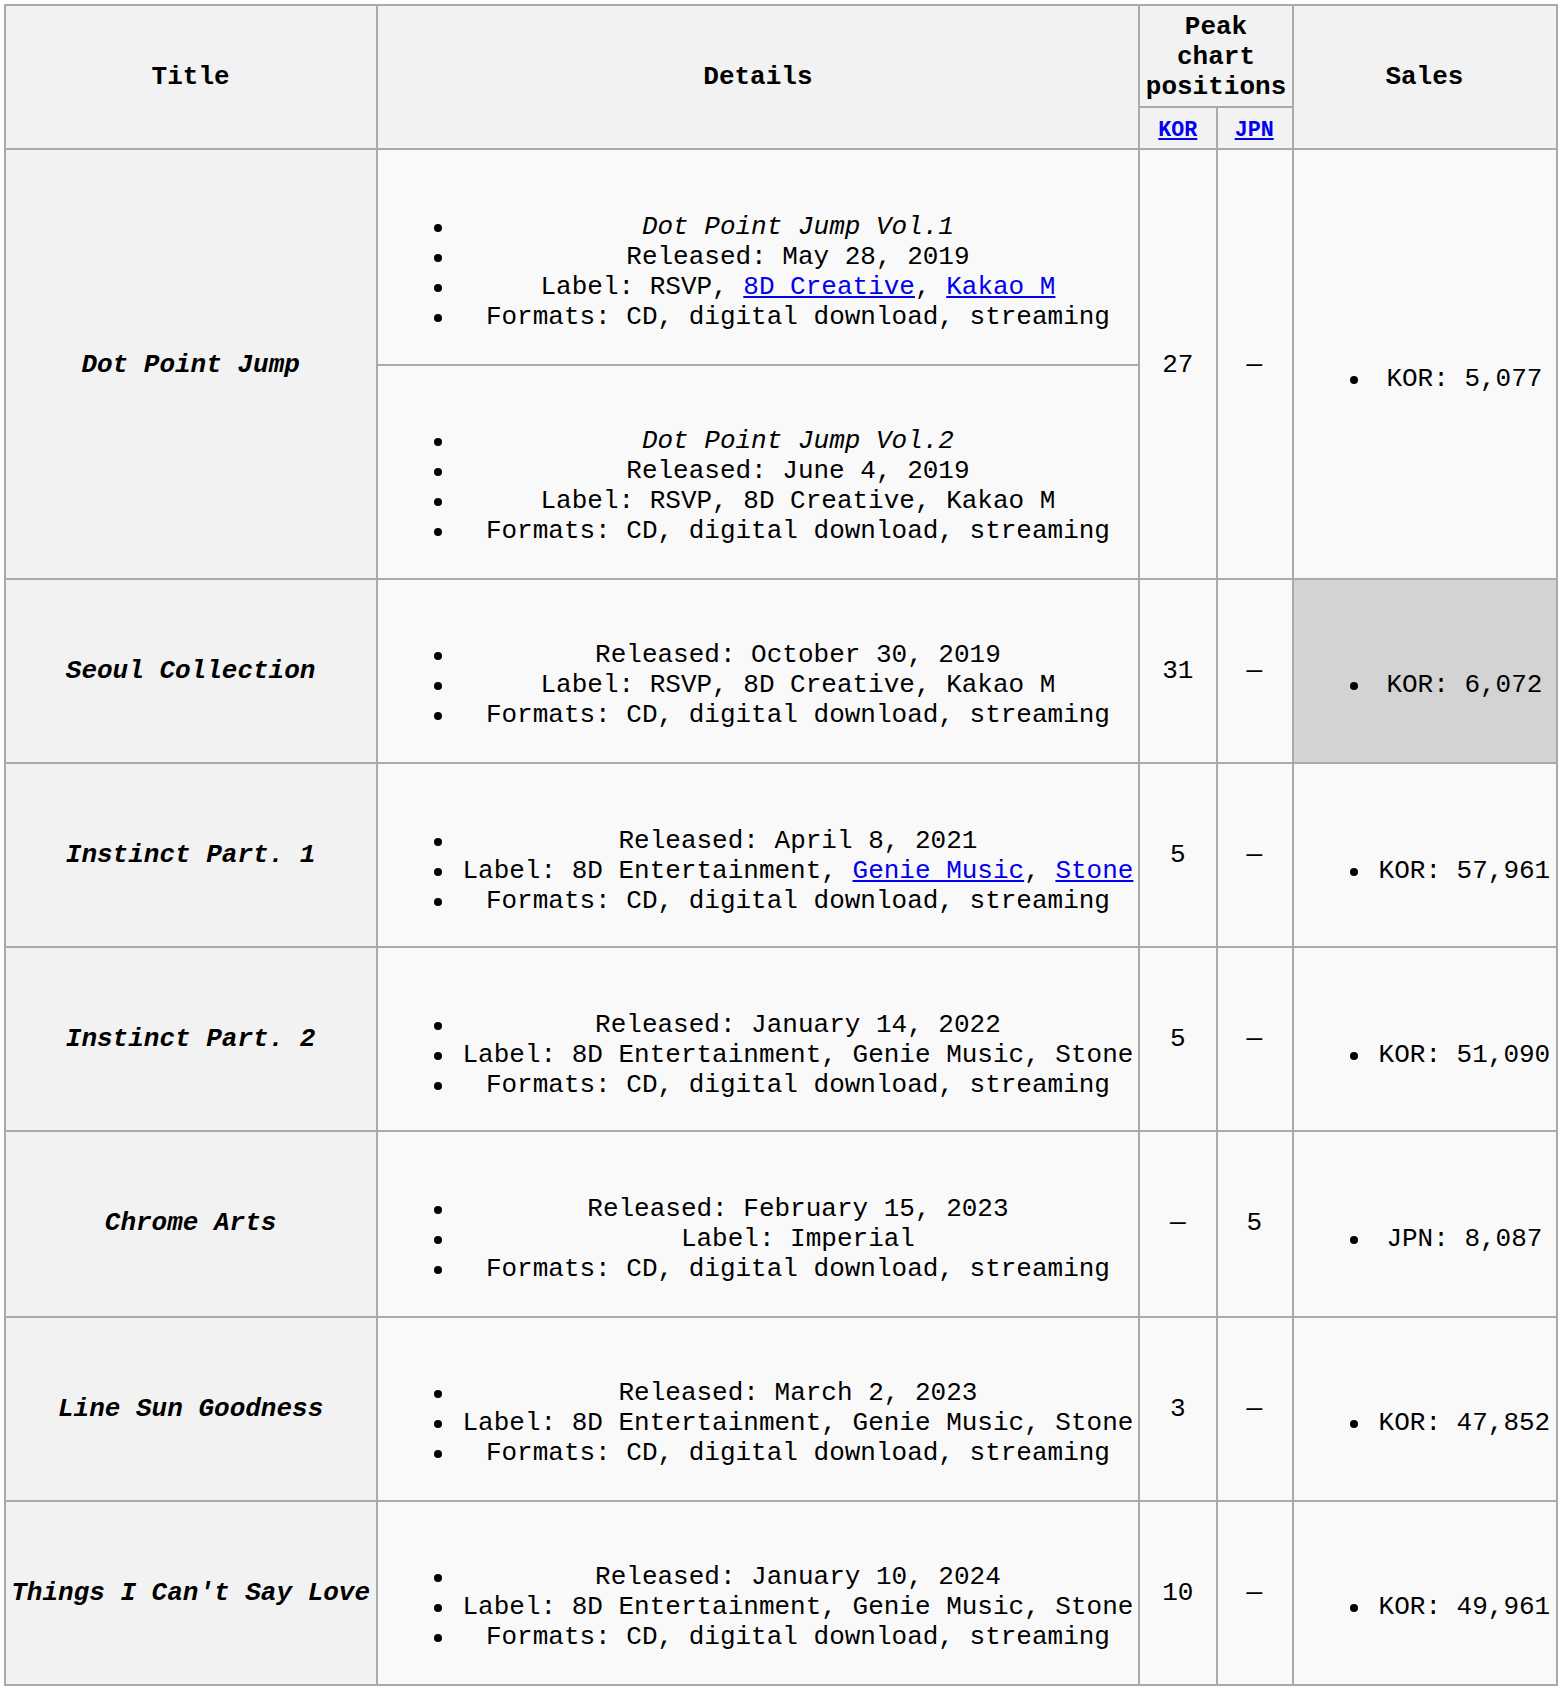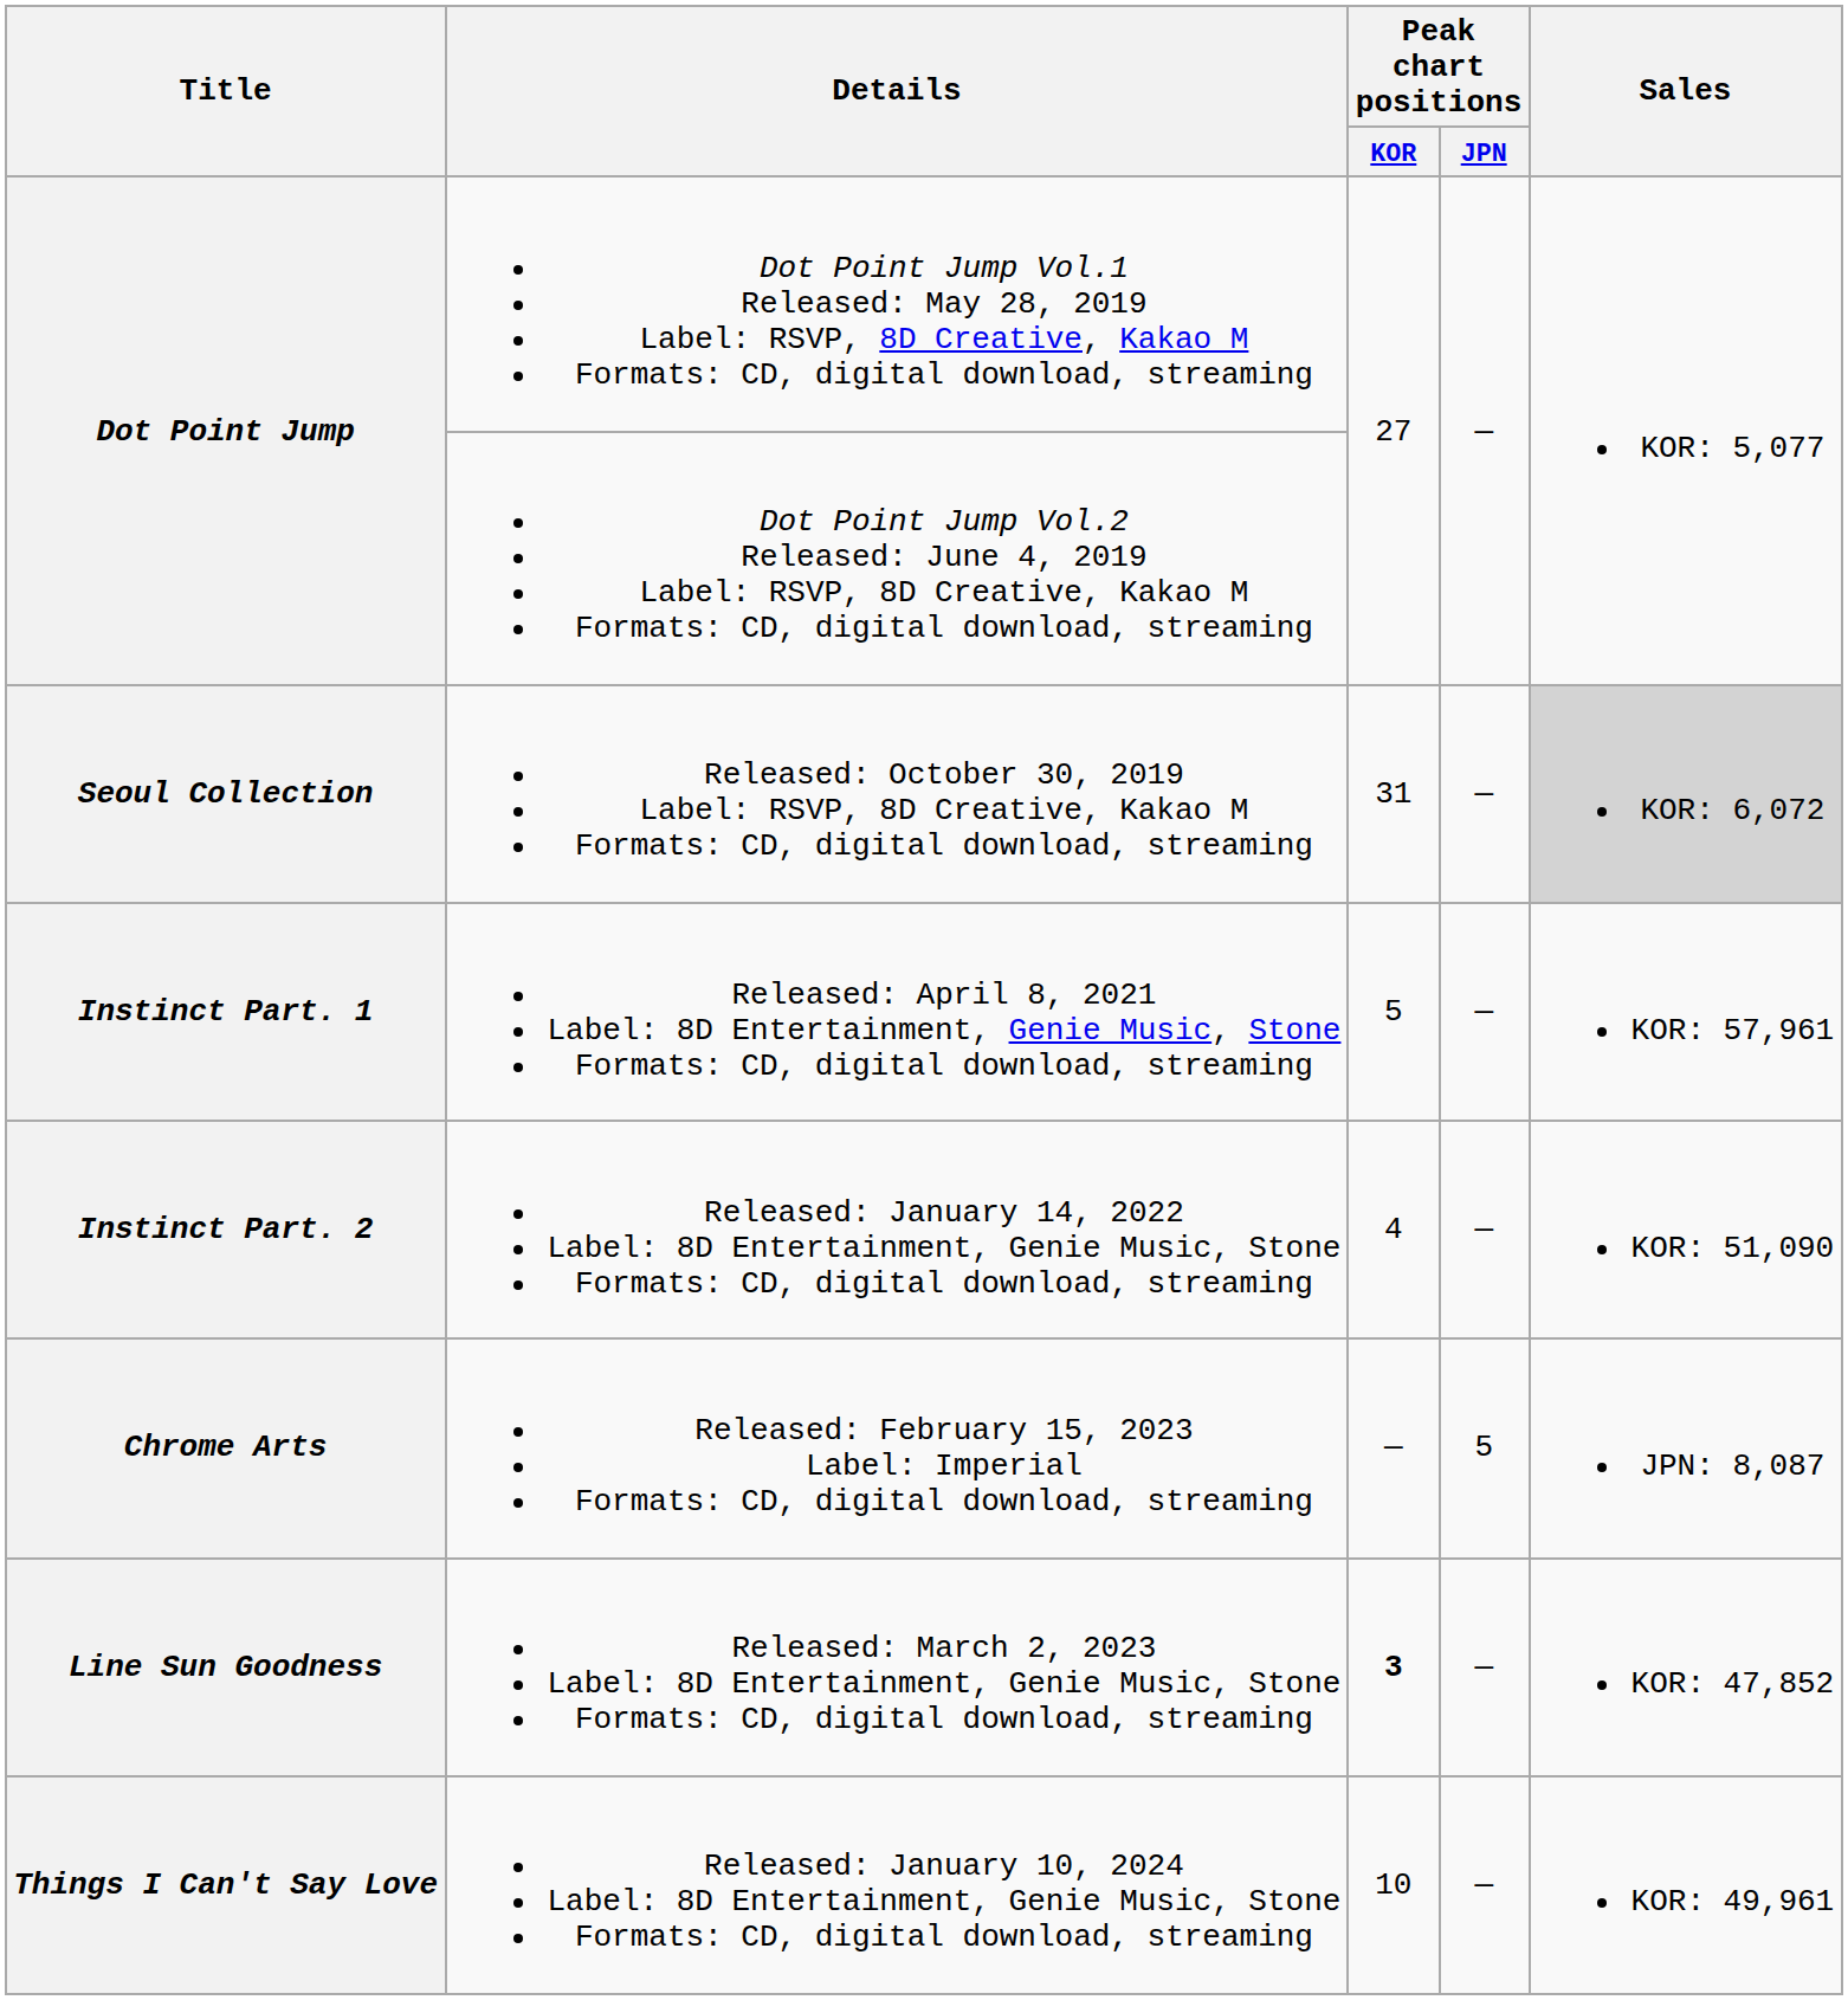 <table class="wikitable plainrowheaders" style="text-align:center;">
 <tr>
 <th scope="col" rowspan="2">Title</th>
 <th scope="col" rowspan="2">Details</th>
 <th scope="col" colspan="2" style="width:5em;">Peak chart positions</th>
 <th scope="col" rowspan="2">Sales</th>
 </tr>
 <tr>
 <th><small><a href='#'>KOR</a></small><br></th>
 <th><small><a href='#'>JPN</a></small><br></th>
 </tr>
 <tr>
 <th scope="row" rowspan="2"><em>Dot Point Jump</em></th>
 <td><br><ul><li><em>Dot Point Jump Vol.1</em></li><li>Released: May 28, 2019</li><li>Label: RSVP, <a href='#'>8D Creative</a>, <a href='#'>Kakao M</a></li><li>Formats: CD, digital download, streaming</li></ul></td>
 <td rowspan="2">27</td>
 <td rowspan="2">—</td>
 <td rowspan="2"><br><ul><li>KOR: 5,077</li></ul></td>
 </tr>
 <tr>
 <td><br><ul><li><em>Dot Point Jump Vol.2</em></li><li>Released: June 4, 2019</li><li>Label: RSVP, 8D Creative, Kakao M</li><li>Formats: CD, digital download, streaming</li></ul></td>
 </tr>
 <tr>
 <th scope="row"><em>Seoul Collection</em></th>
 <td><br><ul><li>Released: October 30, 2019</li><li>Label: RSVP, 8D Creative, Kakao M</li><li>Formats: CD, digital download, streaming</li></ul></td>
 <td>31</td>
 <td>—</td>
 <td style="background: lightgrey;"><br><ul><li>KOR: 6,072</li></ul></td>
 </tr>
 <tr>
 <th scope="row"><em>Instinct Part. 1</em></th>
 <td><br><ul><li>Released: April 8, 2021</li><li>Label: 8D Entertainment, <a href='#'>Genie Music</a>, <a href='#'>Stone</a></li><li>Formats: CD, digital download, streaming</li></ul></td>
 <td>5</td>
 <td>—</td>
 <td><br><ul><li>KOR: 57,961</li></ul></td>
 </tr>
 <tr>
 <th scope="row"><em>Instinct Part. 2</em></th>
 <td><br><ul><li>Released: January 14, 2022</li><li>Label: 8D Entertainment, Genie Music, Stone</li><li>Formats: CD, digital download, streaming</li></ul></td>
-<td>5</td>
+<td>4</td>
 <td>—</td>
 <td><br><ul><li>KOR: 51,090</li></ul></td>
 </tr>
 <tr>
 <th scope="row"><em>Chrome Arts</em></th>
 <td><br><ul><li>Released: February 15, 2023</li><li>Label: Imperial</li><li>Formats: CD, digital download, streaming</li></ul></td>
 <td>—</td>
 <td>5</td>
 <td><br><ul><li>JPN: 8,087</li></ul></td>
 </tr>
 <tr>
 <th scope="row"><em>Line Sun Goodness</em></th>
 <td><br><ul><li>Released: March 2, 2023</li><li>Label: 8D Entertainment, Genie Music, Stone</li><li>Formats: CD, digital download, streaming</li></ul></td>
-<td>3</td>
+<td><strong>3</strong></td>
 <td>—</td>
 <td><br><ul><li>KOR: 47,852</li></ul></td>
 </tr>
 <tr>
 <th scope="row"><em>Things I Can't Say Love</em></th>
 <td><br><ul><li>Released: January 10, 2024</li><li>Label: 8D Entertainment, Genie Music, Stone</li><li>Formats: CD, digital download, streaming</li></ul></td>
 <td>10</td>
 <td>—</td>
 <td><br><ul><li>KOR: 49,961</li></ul></td>
 </tr>
 </table>
